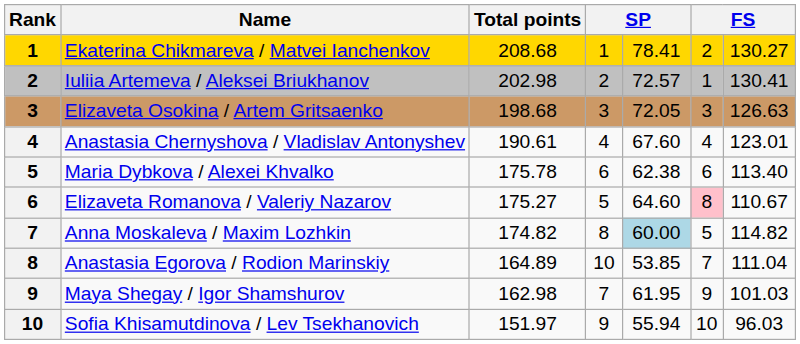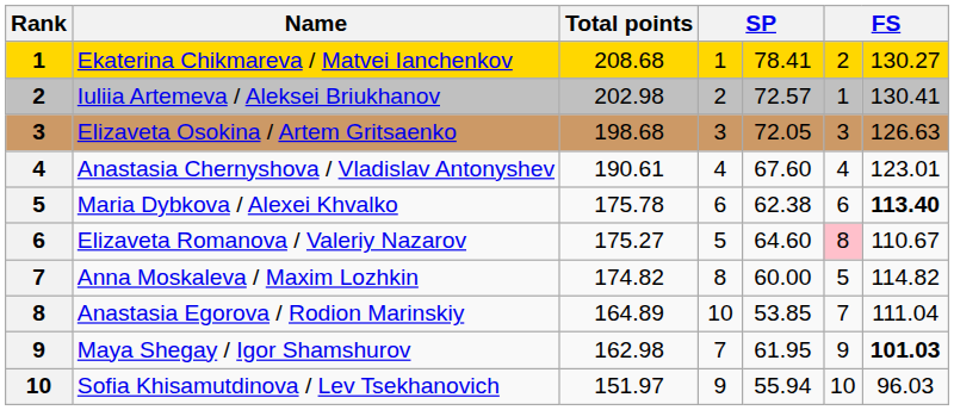 <table class="wikitable sortable">
 <tr>
 <th>Rank</th>
 <th>Name</th>
 <th>Total points</th>
 <th colspan="2" width="80px"><a href='#'>SP</a></th>
 <th colspan="2" width="80px"><a href='#'>FS</a></th>
 </tr>
 <tr bgcolor="gold">
 <td align="center"><strong>1</strong></td>
 <td><a href='#'>Ekaterina Chikmareva</a> / <a href='#'>Matvei Ianchenkov</a></td>
 <td align="center">208.68</td>
 <td align="center">1</td>
 <td align="center">78.41</td>
 <td align="center">2</td>
 <td align="center">130.27</td>
 </tr>
 <tr bgcolor="silver">
 <td align="center"><strong>2</strong></td>
 <td><a href='#'>Iuliia Artemeva</a> / <a href='#'>Aleksei Briukhanov</a></td>
 <td align="center">202.98</td>
 <td align="center">2</td>
 <td align="center">72.57</td>
 <td align="center">1</td>
 <td align="center">130.41</td>
 </tr>
 <tr bgcolor="cc9966">
 <td align="center"><strong>3</strong></td>
 <td><a href='#'>Elizaveta Osokina</a> / <a href='#'>Artem Gritsaenko</a></td>
 <td align="center">198.68</td>
 <td align="center">3</td>
 <td align="center">72.05</td>
 <td align="center">3</td>
 <td align="center">126.63</td>
 </tr>
 <tr>
 <th>4</th>
 <td><a href='#'>Anastasia Chernyshova</a> / <a href='#'>Vladislav Antonyshev</a></td>
 <td align="center">190.61</td>
 <td align="center">4</td>
 <td align="center">67.60</td>
 <td align="center">4</td>
 <td align="center">123.01</td>
 </tr>
 <tr>
 <th>5</th>
 <td><a href='#'>Maria Dybkova</a> / <a href='#'>Alexei Khvalko</a></td>
 <td align="center">175.78</td>
 <td align="center">6</td>
 <td align="center">62.38</td>
 <td align="center">6</td>
-<td align="center">113.40</td>
+<td align="center"><strong>113.40</strong></td>
 </tr>
 <tr>
 <th>6</th>
 <td><a href='#'>Elizaveta Romanova</a> / <a href='#'>Valeriy Nazarov</a></td>
 <td align="center">175.27</td>
 <td align="center">5</td>
 <td align="center">64.60</td>
 <td align="center" style="background: pink;">8</td>
 <td align="center">110.67</td>
 </tr>
 <tr>
 <th>7</th>
 <td><a href='#'>Anna Moskaleva</a> / <a href='#'>Maxim Lozhkin</a></td>
 <td align="center">174.82</td>
 <td align="center">8</td>
-<td align="center" style="background: lightblue;">60.00</td>
+<td align="center">60.00</td>
 <td align="center">5</td>
 <td align="center">114.82</td>
 </tr>
 <tr>
 <th>8</th>
 <td><a href='#'>Anastasia Egorova</a> / <a href='#'>Rodion Marinskiy</a></td>
 <td align="center">164.89</td>
 <td align="center">10</td>
 <td align="center">53.85</td>
 <td align="center">7</td>
 <td align="center">111.04</td>
 </tr>
 <tr>
 <th>9</th>
 <td><a href='#'>Maya Shegay</a> / <a href='#'>Igor Shamshurov</a></td>
 <td align="center">162.98</td>
 <td align="center">7</td>
 <td align="center">61.95</td>
 <td align="center">9</td>
-<td align="center">101.03</td>
+<td align="center"><strong>101.03</strong></td>
 </tr>
 <tr>
 <th>10</th>
 <td><a href='#'>Sofia Khisamutdinova</a> / <a href='#'>Lev Tsekhanovich</a></td>
 <td align="center">151.97</td>
 <td align="center">9</td>
 <td align="center">55.94</td>
 <td align="center">10</td>
 <td align="center">96.03</td>
 </tr>
 </table>
